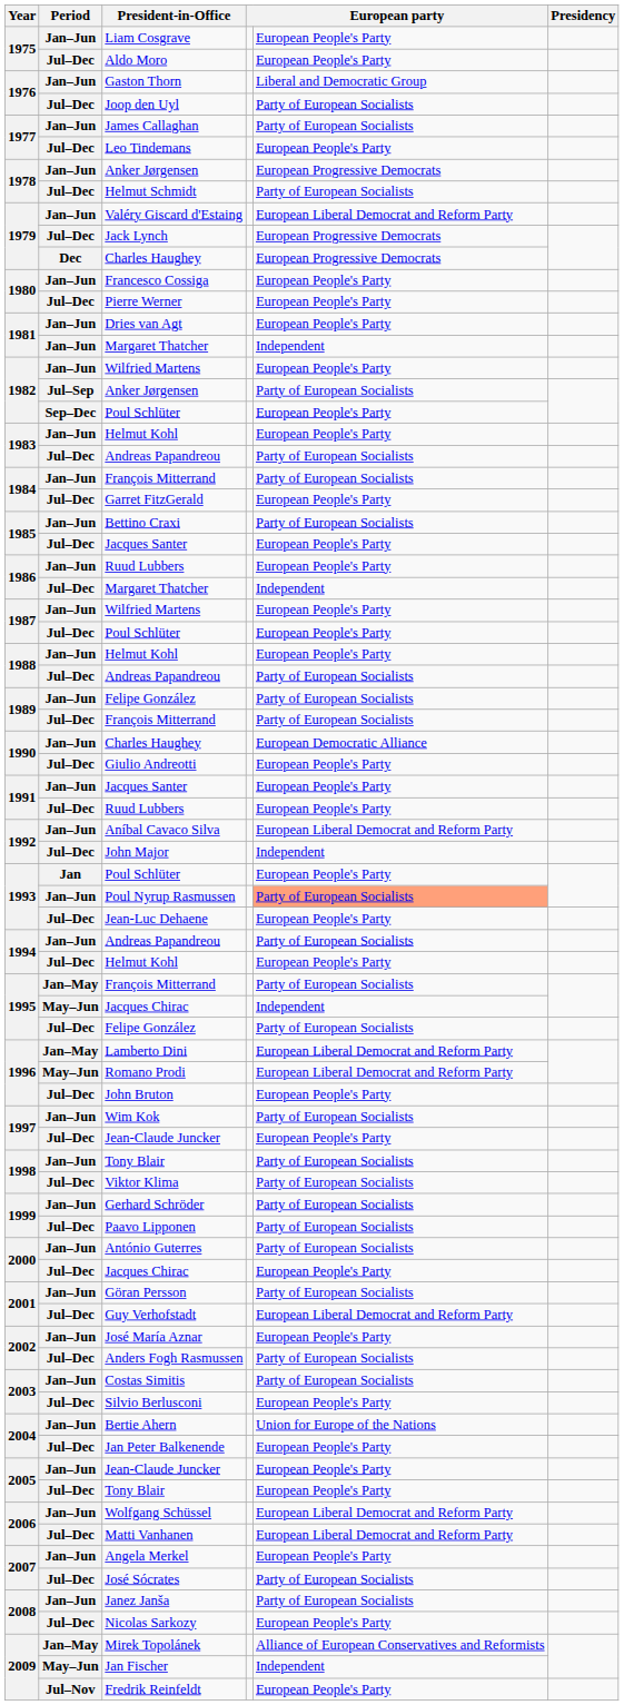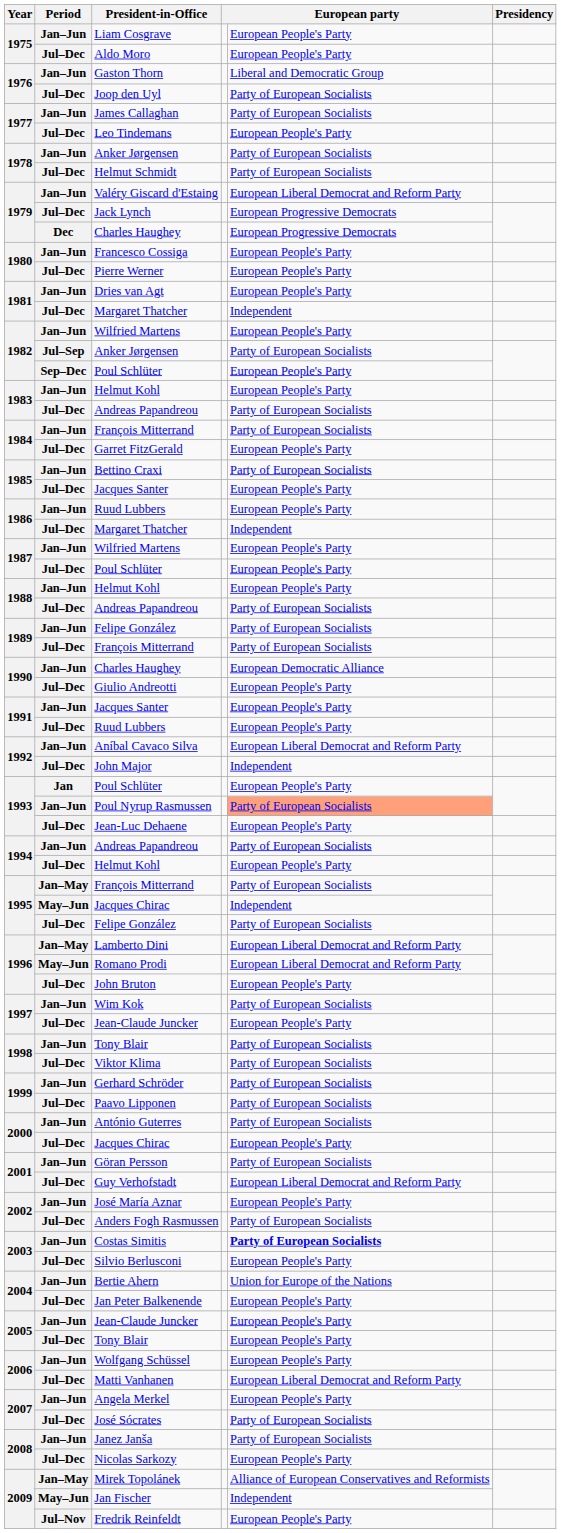 <table class="sortable wikitable">
 <tr>
 <th>Year</th>
 <th>Period</th>
 <th>President-in-Office</th>
 <th colspan=2>European party</th>
 <th>Presidency</th>
 </tr>
 <tr>
 <th rowspan=2>1975</th>
 <th>Jan–Jun</th>
 <td><a href='#'>Liam Cosgrave</a></td>
 <td style="background-color: "></td>
 <td><a href='#'>European People's Party</a></td>
 <td></td>
 </tr>
 <tr>
 <th>Jul–Dec</th>
 <td><a href='#'>Aldo Moro</a></td>
 <td style="background-color: "></td>
 <td><a href='#'>European People's Party</a></td>
 <td></td>
 </tr>
 <tr>
 <th rowspan=2>1976</th>
 <th>Jan–Jun</th>
 <td><a href='#'>Gaston Thorn</a></td>
 <td style="background-color: "></td>
 <td><a href='#'>Liberal and Democratic Group</a></td>
 <td></td>
 </tr>
 <tr>
 <th>Jul–Dec</th>
 <td><a href='#'>Joop den Uyl</a></td>
 <td style="background-color: "></td>
 <td><a href='#'>Party of European Socialists</a></td>
 <td></td>
 </tr>
 <tr>
 <th rowspan=2>1977</th>
 <th>Jan–Jun</th>
 <td><a href='#'>James Callaghan</a></td>
 <td style="background-color: "></td>
 <td><a href='#'>Party of European Socialists</a></td>
 <td></td>
 </tr>
 <tr>
 <th>Jul–Dec</th>
 <td><a href='#'>Leo Tindemans</a></td>
 <td style="background-color: "></td>
 <td><a href='#'>European People's Party</a></td>
 <td></td>
 </tr>
 <tr>
 <th rowspan=2>1978</th>
 <th>Jan–Jun</th>
 <td><a href='#'>Anker Jørgensen</a></td>
 <td style="background-color: "></td>
-<td><a href='#'>European Progressive Democrats</a></td>
+<td><a href='#'>Party of European Socialists</a></td>
 <td></td>
 </tr>
 <tr>
 <th>Jul–Dec</th>
 <td><a href='#'>Helmut Schmidt</a></td>
 <td style="background-color: "></td>
 <td><a href='#'>Party of European Socialists</a></td>
 <td></td>
 </tr>
 <tr>
 <th rowspan=3>1979</th>
 <th>Jan–Jun</th>
 <td><a href='#'>Valéry Giscard d'Estaing</a></td>
 <td style="background-color: "></td>
 <td><a href='#'>European Liberal Democrat and Reform Party</a></td>
 <td></td>
 </tr>
 <tr>
 <th>Jul–Dec</th>
 <td><a href='#'>Jack Lynch</a></td>
 <td style="background-color: "></td>
 <td><a href='#'>European Progressive Democrats</a></td>
 <td rowspan=2></td>
 </tr>
 <tr>
 <th>Dec</th>
 <td><a href='#'>Charles Haughey</a></td>
 <td style="background-color: "></td>
 <td><a href='#'>European Progressive Democrats</a></td>
 </tr>
 <tr>
 <th rowspan=2>1980</th>
 <th>Jan–Jun</th>
 <td><a href='#'>Francesco Cossiga</a></td>
 <td style="background-color: "></td>
 <td><a href='#'>European People's Party</a></td>
 <td></td>
 </tr>
 <tr>
 <th>Jul–Dec</th>
 <td><a href='#'>Pierre Werner</a></td>
 <td style="background-color: "></td>
 <td><a href='#'>European People's Party</a></td>
 <td></td>
 </tr>
 <tr>
 <th rowspan=2>1981</th>
 <th>Jan–Jun</th>
 <td><a href='#'>Dries van Agt</a></td>
 <td style="background-color: "></td>
 <td><a href='#'>European People's Party</a></td>
 <td></td>
 </tr>
 <tr>
-<th>Jan–Jun</th>
+<th>Jul–Dec</th>
 <td><a href='#'>Margaret Thatcher</a></td>
 <td style="background-color: "></td>
 <td><a href='#'>Independent</a></td>
 <td></td>
 </tr>
 <tr>
 <th rowspan=3>1982</th>
 <th>Jan–Jun</th>
 <td><a href='#'>Wilfried Martens</a></td>
 <td style="background-color: "></td>
 <td><a href='#'>European People's Party</a></td>
 <td></td>
 </tr>
 <tr>
 <th>Jul–Sep</th>
 <td><a href='#'>Anker Jørgensen</a></td>
 <td style="background-color: "></td>
 <td><a href='#'>Party of European Socialists</a></td>
 <td rowspan=2></td>
 </tr>
 <tr>
 <th>Sep–Dec</th>
 <td><a href='#'>Poul Schlüter</a></td>
 <td style="background-color: "></td>
 <td><a href='#'>European People's Party</a></td>
 </tr>
 <tr>
 <th rowspan=2>1983</th>
 <th>Jan–Jun</th>
 <td><a href='#'>Helmut Kohl</a></td>
 <td style="background-color: "></td>
 <td><a href='#'>European People's Party</a></td>
 <td></td>
 </tr>
 <tr>
 <th>Jul–Dec</th>
 <td><a href='#'>Andreas Papandreou</a></td>
 <td style="background-color: "></td>
 <td><a href='#'>Party of European Socialists</a></td>
 <td></td>
 </tr>
 <tr>
 <th rowspan=2>1984</th>
 <th>Jan–Jun</th>
 <td><a href='#'>François Mitterrand</a></td>
 <td style="background-color: "></td>
 <td><a href='#'>Party of European Socialists</a></td>
 <td></td>
 </tr>
 <tr>
 <th>Jul–Dec</th>
 <td><a href='#'>Garret FitzGerald</a></td>
 <td style="background-color: "></td>
 <td><a href='#'>European People's Party</a></td>
 <td></td>
 </tr>
 <tr>
 <th rowspan=2>1985</th>
 <th>Jan–Jun</th>
 <td><a href='#'>Bettino Craxi</a></td>
 <td style="background-color: "></td>
 <td><a href='#'>Party of European Socialists</a></td>
 <td></td>
 </tr>
 <tr>
 <th>Jul–Dec</th>
 <td><a href='#'>Jacques Santer</a></td>
 <td style="background-color: "></td>
 <td><a href='#'>European People's Party</a></td>
 <td></td>
 </tr>
 <tr>
 <th rowspan=2>1986</th>
 <th>Jan–Jun</th>
 <td><a href='#'>Ruud Lubbers</a></td>
 <td style="background-color: "></td>
 <td><a href='#'>European People's Party</a></td>
 <td></td>
 </tr>
 <tr>
 <th>Jul–Dec</th>
 <td><a href='#'>Margaret Thatcher</a></td>
 <td style="background-color: "></td>
 <td><a href='#'>Independent</a></td>
 <td></td>
 </tr>
 <tr>
 <th rowspan=2>1987</th>
 <th>Jan–Jun</th>
 <td><a href='#'>Wilfried Martens</a></td>
 <td style="background-color: "></td>
 <td><a href='#'>European People's Party</a></td>
 <td></td>
 </tr>
 <tr>
 <th>Jul–Dec</th>
 <td><a href='#'>Poul Schlüter</a></td>
 <td style="background-color: "></td>
 <td><a href='#'>European People's Party</a></td>
 <td></td>
 </tr>
 <tr>
 <th rowspan=2>1988</th>
 <th>Jan–Jun</th>
 <td><a href='#'>Helmut Kohl</a></td>
 <td style="background-color: "></td>
 <td><a href='#'>European People's Party</a></td>
 <td></td>
 </tr>
 <tr>
 <th>Jul–Dec</th>
 <td><a href='#'>Andreas Papandreou</a></td>
 <td style="background-color: "></td>
 <td><a href='#'>Party of European Socialists</a></td>
 <td></td>
 </tr>
 <tr>
 <th rowspan=2>1989</th>
 <th>Jan–Jun</th>
 <td><a href='#'>Felipe González</a></td>
 <td style="background-color: "></td>
 <td><a href='#'>Party of European Socialists</a></td>
 <td></td>
 </tr>
 <tr>
 <th>Jul–Dec</th>
 <td><a href='#'>François Mitterrand</a></td>
 <td style="background-color: "></td>
 <td><a href='#'>Party of European Socialists</a></td>
 <td></td>
 </tr>
 <tr>
 <th rowspan=2>1990</th>
 <th>Jan–Jun</th>
 <td><a href='#'>Charles Haughey</a></td>
 <td style="background-color: "></td>
 <td><a href='#'>European Democratic Alliance</a></td>
 <td></td>
 </tr>
 <tr>
 <th>Jul–Dec</th>
 <td><a href='#'>Giulio Andreotti</a></td>
 <td style="background-color: "></td>
 <td><a href='#'>European People's Party</a></td>
 <td></td>
 </tr>
 <tr>
 <th rowspan=2>1991</th>
 <th>Jan–Jun</th>
 <td><a href='#'>Jacques Santer</a></td>
 <td style="background-color: "></td>
 <td><a href='#'>European People's Party</a></td>
 <td></td>
 </tr>
 <tr>
 <th>Jul–Dec</th>
 <td><a href='#'>Ruud Lubbers</a></td>
 <td style="background-color: "></td>
 <td><a href='#'>European People's Party</a></td>
 <td></td>
 </tr>
 <tr>
 <th rowspan=2>1992</th>
 <th>Jan–Jun</th>
 <td><a href='#'>Aníbal Cavaco Silva</a></td>
 <td style="background-color: "></td>
 <td><a href='#'>European Liberal Democrat and Reform Party</a></td>
 <td></td>
 </tr>
 <tr>
 <th>Jul–Dec</th>
 <td><a href='#'>John Major</a></td>
 <td style="background-color: "></td>
 <td><a href='#'>Independent</a></td>
 <td></td>
 </tr>
 <tr>
 <th rowspan=3>1993</th>
 <th>Jan</th>
 <td><a href='#'>Poul Schlüter</a></td>
 <td style="background-color: "></td>
 <td><a href='#'>European People's Party</a></td>
 <td rowspan=2></td>
 </tr>
 <tr>
 <th>Jan–Jun</th>
 <td><a href='#'>Poul Nyrup Rasmussen</a></td>
 <td style="background-color: "></td>
 <td style="background: lightsalmon;"><a href='#'>Party of European Socialists</a></td>
 </tr>
 <tr>
 <th>Jul–Dec</th>
 <td><a href='#'>Jean-Luc Dehaene</a></td>
 <td style="background-color: "></td>
 <td><a href='#'>European People's Party</a></td>
 <td></td>
 </tr>
 <tr>
 <th rowspan=2>1994</th>
 <th>Jan–Jun</th>
 <td><a href='#'>Andreas Papandreou</a></td>
 <td style="background-color: "></td>
 <td><a href='#'>Party of European Socialists</a></td>
 <td></td>
 </tr>
 <tr>
 <th>Jul–Dec</th>
 <td><a href='#'>Helmut Kohl</a></td>
 <td style="background-color: "></td>
 <td><a href='#'>European People's Party</a></td>
 <td></td>
 </tr>
 <tr>
 <th rowspan=3>1995</th>
 <th>Jan–May</th>
 <td><a href='#'>François Mitterrand</a></td>
 <td style="background-color: "></td>
 <td><a href='#'>Party of European Socialists</a></td>
 <td rowspan=2></td>
 </tr>
 <tr>
 <th>May–Jun</th>
 <td><a href='#'>Jacques Chirac</a></td>
 <td style="background-color: "></td>
 <td><a href='#'>Independent</a></td>
 </tr>
 <tr>
 <th>Jul–Dec</th>
 <td><a href='#'>Felipe González</a></td>
 <td style="background-color: "></td>
 <td><a href='#'>Party of European Socialists</a></td>
 <td></td>
 </tr>
 <tr>
 <th rowspan=3>1996</th>
 <th>Jan–May</th>
 <td><a href='#'>Lamberto Dini</a></td>
 <td style="background-color: "></td>
 <td><a href='#'>European Liberal Democrat and Reform Party</a></td>
 <td rowspan=2></td>
 </tr>
 <tr>
 <th>May–Jun</th>
 <td><a href='#'>Romano Prodi</a></td>
 <td style="background-color: "></td>
 <td><a href='#'>European Liberal Democrat and Reform Party</a></td>
 </tr>
 <tr>
 <th>Jul–Dec</th>
 <td><a href='#'>John Bruton</a></td>
 <td style="background-color: "></td>
 <td><a href='#'>European People's Party</a></td>
 <td></td>
 </tr>
 <tr>
 <th rowspan=2>1997</th>
 <th>Jan–Jun</th>
 <td><a href='#'>Wim Kok</a></td>
 <td style="background-color: "></td>
 <td><a href='#'>Party of European Socialists</a></td>
 <td></td>
 </tr>
 <tr>
 <th>Jul–Dec</th>
 <td><a href='#'>Jean-Claude Juncker</a></td>
 <td style="background-color: "></td>
 <td><a href='#'>European People's Party</a></td>
 <td></td>
 </tr>
 <tr>
 <th rowspan=2>1998</th>
 <th>Jan–Jun</th>
 <td><a href='#'>Tony Blair</a></td>
 <td style="background-color: "></td>
 <td><a href='#'>Party of European Socialists</a></td>
 <td></td>
 </tr>
 <tr>
 <th>Jul–Dec</th>
 <td><a href='#'>Viktor Klima</a></td>
 <td style="background-color: "></td>
 <td><a href='#'>Party of European Socialists</a></td>
 <td></td>
 </tr>
 <tr>
 <th rowspan=2>1999</th>
 <th>Jan–Jun</th>
 <td><a href='#'>Gerhard Schröder</a></td>
 <td style="background-color: "></td>
 <td><a href='#'>Party of European Socialists</a></td>
 <td></td>
 </tr>
 <tr>
 <th>Jul–Dec</th>
 <td><a href='#'>Paavo Lipponen</a></td>
 <td style="background-color: "></td>
 <td><a href='#'>Party of European Socialists</a></td>
 <td></td>
 </tr>
 <tr>
 <th rowspan=2>2000</th>
 <th>Jan–Jun</th>
 <td><a href='#'>António Guterres</a></td>
 <td style="background-color: "></td>
 <td><a href='#'>Party of European Socialists</a></td>
 <td></td>
 </tr>
 <tr>
 <th>Jul–Dec</th>
 <td><a href='#'>Jacques Chirac</a></td>
 <td style="background-color: "></td>
 <td><a href='#'>European People's Party</a></td>
 <td></td>
 </tr>
 <tr>
 <th rowspan=2>2001</th>
 <th>Jan–Jun</th>
 <td><a href='#'>Göran Persson</a></td>
 <td style="background-color: "></td>
 <td><a href='#'>Party of European Socialists</a></td>
 <td></td>
 </tr>
 <tr>
 <th>Jul–Dec</th>
 <td><a href='#'>Guy Verhofstadt</a></td>
 <td style="background-color: "></td>
 <td><a href='#'>European Liberal Democrat and Reform Party</a></td>
 <td></td>
 </tr>
 <tr>
 <th rowspan=2>2002</th>
 <th>Jan–Jun</th>
 <td><a href='#'>José María Aznar</a></td>
 <td style="background-color: "></td>
 <td><a href='#'>European People's Party</a></td>
 <td></td>
 </tr>
 <tr>
 <th>Jul–Dec</th>
 <td><a href='#'>Anders Fogh Rasmussen</a></td>
 <td style="background-color: "></td>
 <td><a href='#'>Party of European Socialists</a></td>
 <td></td>
 </tr>
 <tr>
 <th rowspan=2>2003</th>
 <th>Jan–Jun</th>
 <td><a href='#'>Costas Simitis</a></td>
 <td style="background-color: "></td>
-<td><a href='#'>Party of European Socialists</a></td>
+<td><strong><a href='#'>Party of European Socialists</a></strong></td>
 <td></td>
 </tr>
 <tr>
 <th>Jul–Dec</th>
 <td><a href='#'>Silvio Berlusconi</a></td>
 <td style="background-color: "></td>
 <td><a href='#'>European People's Party</a></td>
 <td></td>
 </tr>
 <tr>
 <th rowspan=2>2004</th>
 <th>Jan–Jun</th>
 <td><a href='#'>Bertie Ahern</a></td>
 <td style="background-color: "></td>
 <td><a href='#'>Union for Europe of the Nations</a></td>
 <td></td>
 </tr>
 <tr>
 <th>Jul–Dec</th>
 <td><a href='#'>Jan Peter Balkenende</a></td>
 <td style="background-color: "></td>
 <td><a href='#'>European People's Party</a></td>
 <td></td>
 </tr>
 <tr>
 <th rowspan=2>2005</th>
 <th>Jan–Jun</th>
 <td><a href='#'>Jean-Claude Juncker</a></td>
 <td style="background-color: "></td>
 <td><a href='#'>European People's Party</a></td>
 <td></td>
 </tr>
 <tr>
 <th>Jul–Dec</th>
 <td><a href='#'>Tony Blair</a></td>
 <td style="background-color: "></td>
 <td><a href='#'>European People's Party</a></td>
 <td></td>
 </tr>
 <tr>
 <th rowspan=2>2006</th>
 <th>Jan–Jun</th>
 <td><a href='#'>Wolfgang Schüssel</a></td>
 <td style="background-color: "></td>
-<td><a href='#'>European Liberal Democrat and Reform Party</a></td>
+<td><a href='#'>European People's Party</a></td>
 <td></td>
 </tr>
 <tr>
 <th>Jul–Dec</th>
 <td><a href='#'>Matti Vanhanen</a></td>
 <td style="background-color: "></td>
 <td><a href='#'>European Liberal Democrat and Reform Party</a></td>
 <td></td>
 </tr>
 <tr>
 <th rowspan=2>2007</th>
 <th>Jan–Jun</th>
 <td><a href='#'>Angela Merkel</a></td>
 <td style="background-color: "></td>
 <td><a href='#'>European People's Party</a></td>
 <td></td>
 </tr>
 <tr>
 <th>Jul–Dec</th>
 <td><a href='#'>José Sócrates</a></td>
 <td style="background-color: "></td>
 <td><a href='#'>Party of European Socialists</a></td>
 <td></td>
 </tr>
 <tr>
 <th rowspan=2>2008</th>
 <th>Jan–Jun</th>
 <td><a href='#'>Janez Janša</a></td>
 <td style="background-color: "></td>
 <td><a href='#'>Party of European Socialists</a></td>
 <td></td>
 </tr>
 <tr>
 <th>Jul–Dec</th>
 <td><a href='#'>Nicolas Sarkozy</a></td>
 <td style="background-color: "></td>
 <td><a href='#'>European People's Party</a></td>
 <td></td>
 </tr>
 <tr>
 <th rowspan=3>2009</th>
 <th>Jan–May</th>
 <td><a href='#'>Mirek Topolánek</a></td>
 <td style="background-color: "></td>
 <td><a href='#'>Alliance of European Conservatives and Reformists</a></td>
 <td rowspan=2></td>
 </tr>
 <tr>
 <th>May–Jun</th>
 <td><a href='#'>Jan Fischer</a></td>
 <td style="background-color: "></td>
 <td><a href='#'>Independent</a></td>
 </tr>
 <tr>
 <th>Jul–Nov</th>
 <td><a href='#'>Fredrik Reinfeldt</a></td>
 <td style="background-color: "></td>
 <td><a href='#'>European People's Party</a></td>
 <td></td>
 </tr>
 </table>
